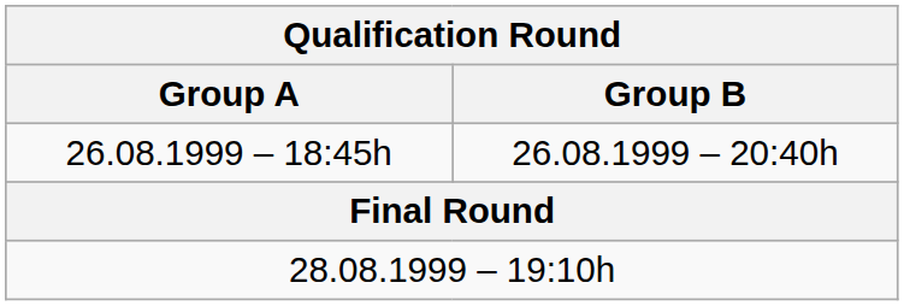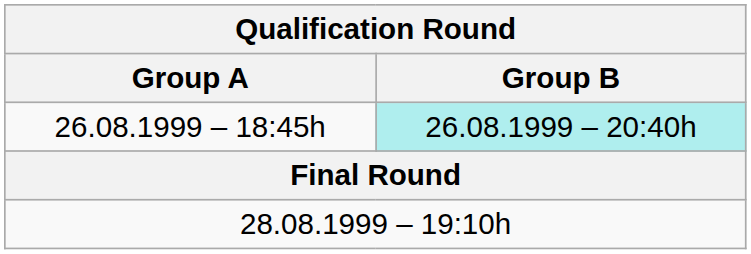 <table class="wikitable" style=" text-align:center; font-size:110%;" width="35%">
 <tr>
 <th colspan="2">Qualification Round</th>
 </tr>
 <tr>
 <th>Group A</th>
 <th>Group B</th>
 </tr>
 <tr>
 <td>26.08.1999 – 18:45h</td>
-<td>26.08.1999 – 20:40h</td>
+<td style="background: paleturquoise;">26.08.1999 – 20:40h</td>
 </tr>
 <tr>
 <th colspan="2">Final Round</th>
 </tr>
 <tr>
 <td colspan="2">28.08.1999 – 19:10h</td>
 </tr>
 </table>
